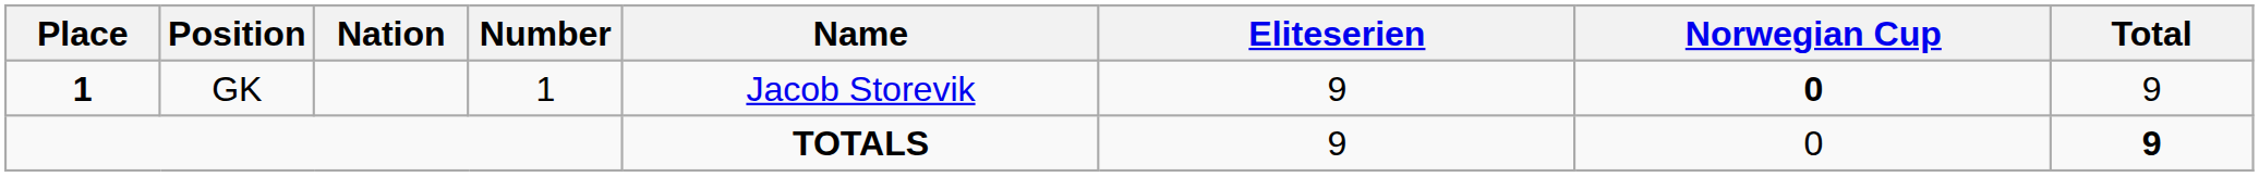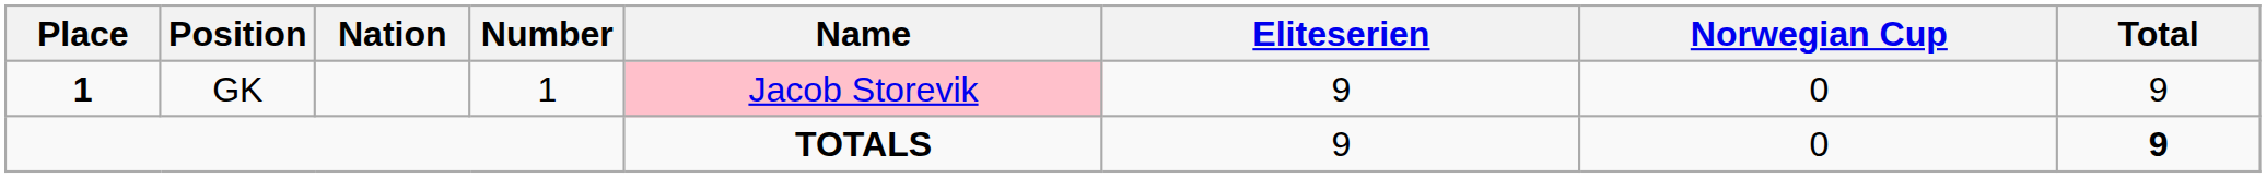 <table class="wikitable" style="font-size: 95%; text-align: center;">
 <tr>
 <th width=60>Place</th>
 <th width=60>Position</th>
 <th width=60>Nation</th>
 <th width=60>Number</th>
 <th width=200>Name</th>
 <th width=200><a href='#'>Eliteserien</a></th>
 <th width=200><a href='#'>Norwegian Cup</a></th>
 <th width=80><strong>Total</strong></th>
 </tr>
 <tr>
 <td><strong>1</strong></td>
 <td>GK</td>
 <td></td>
 <td>1</td>
-<td><a href='#'>Jacob Storevik</a></td>
+<td style="background: pink;"><a href='#'>Jacob Storevik</a></td>
 <td>9</td>
-<td><strong>0</strong></td>
+<td>0</td>
 <td>9</td>
 </tr>
 <tr>
 <td colspan="4"></td>
 <td><strong>TOTALS</strong></td>
 <td>9</td>
 <td>0</td>
 <td><strong>9</strong></td>
 </tr>
 </table>
